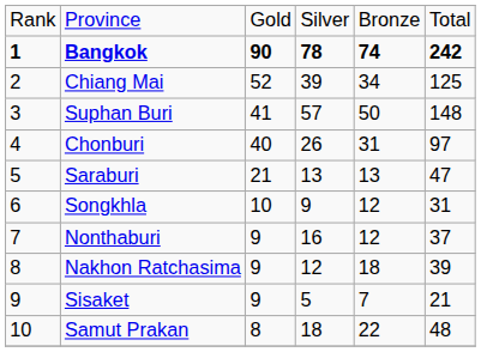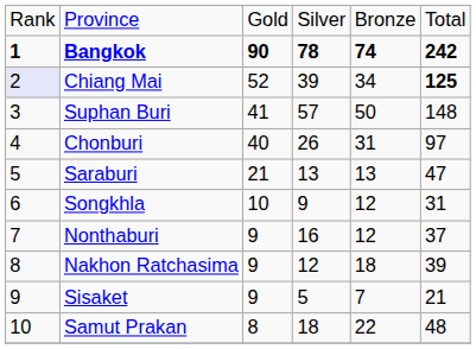 <table class="wikitable">
 <tr>
 <td>Rank</td>
 <td><a href='#'>Province</a></td>
 <td>Gold</td>
 <td>Silver</td>
 <td>Bronze</td>
 <td>Total</td>
 </tr>
 <tr>
 <td><strong>1</strong></td>
 <td><strong><a href='#'>Bangkok</a></strong></td>
 <td><strong>90</strong></td>
 <td><strong>78</strong></td>
 <td><strong>74</strong></td>
 <td><strong>242</strong></td>
 </tr>
 <tr>
-<td>2</td>
+<td style="background: lavender;">2</td>
 <td><a href='#'>Chiang Mai</a></td>
 <td>52</td>
 <td>39</td>
 <td>34</td>
-<td>125</td>
+<td><strong>125</strong></td>
 </tr>
 <tr>
 <td>3</td>
 <td><a href='#'>Suphan Buri</a></td>
 <td>41</td>
 <td>57</td>
 <td>50</td>
 <td>148</td>
 </tr>
 <tr>
 <td>4</td>
 <td><a href='#'>Chonburi</a></td>
 <td>40</td>
 <td>26</td>
 <td>31</td>
 <td>97</td>
 </tr>
 <tr>
 <td>5</td>
 <td><a href='#'>Saraburi</a></td>
 <td>21</td>
 <td>13</td>
 <td>13</td>
 <td>47</td>
 </tr>
 <tr>
 <td>6</td>
 <td><a href='#'>Songkhla</a></td>
 <td>10</td>
 <td>9</td>
 <td>12</td>
 <td>31</td>
 </tr>
 <tr>
 <td>7</td>
 <td><a href='#'>Nonthaburi</a></td>
 <td>9</td>
 <td>16</td>
 <td>12</td>
 <td>37</td>
 </tr>
 <tr>
 <td>8</td>
 <td><a href='#'>Nakhon Ratchasima</a></td>
 <td>9</td>
 <td>12</td>
 <td>18</td>
 <td>39</td>
 </tr>
 <tr>
 <td>9</td>
 <td><a href='#'>Sisaket</a></td>
 <td>9</td>
 <td>5</td>
 <td>7</td>
 <td>21</td>
 </tr>
 <tr>
 <td>10</td>
 <td><a href='#'>Samut Prakan</a></td>
 <td>8</td>
 <td>18</td>
 <td>22</td>
 <td>48</td>
 </tr>
 <tr>
 </tr>
 </table>
